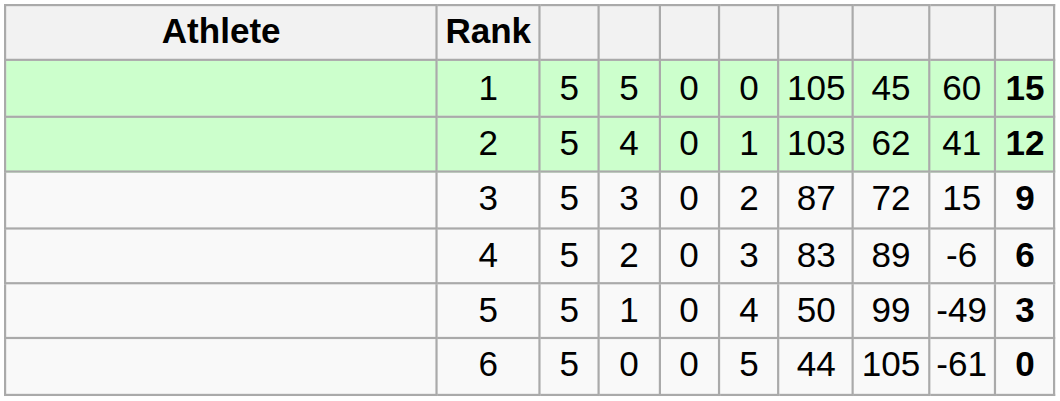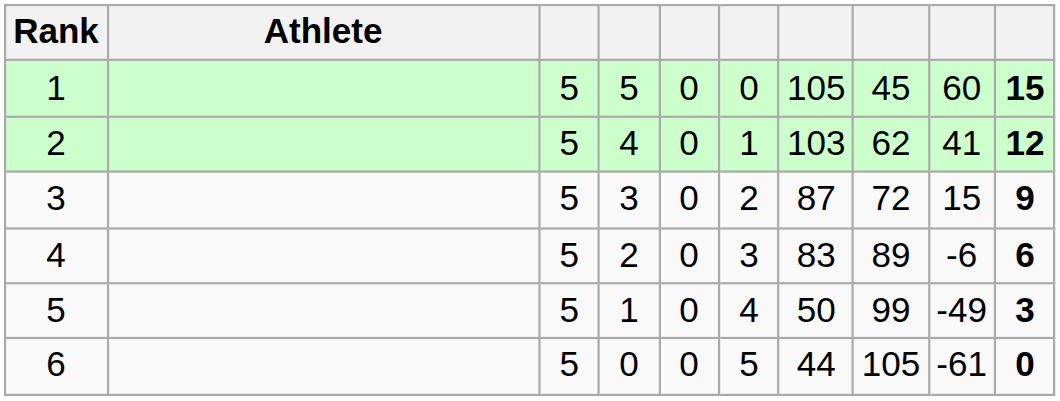 <table class=wikitable style="text-align:center">
 <tr>
+<th width=20>Rank</th>
 <th width=190>Athlete</th>
-<th width=20>Rank</th>
 <th width=20></th>
 <th width=20></th>
 <th width=20></th>
 <th width=20></th>
 <th width=20></th>
 <th width=20></th>
 <th width=20></th>
 <th width=20></th>
 </tr>
 <tr bgcolor="#ccffcc">
+<td>1</td>
 <td align=left></td>
-<td>1</td>
 <td>5</td>
 <td>5</td>
 <td>0</td>
 <td>0</td>
 <td>105</td>
 <td>45</td>
 <td>60</td>
 <td><strong>15</strong></td>
 </tr>
 <tr bgcolor="#ccffcc">
+<td>2</td>
 <td align=left></td>
-<td>2</td>
 <td>5</td>
 <td>4</td>
 <td>0</td>
 <td>1</td>
 <td>103</td>
 <td>62</td>
 <td>41</td>
 <td><strong>12</strong></td>
 </tr>
 <tr>
+<td>3</td>
 <td align=left></td>
-<td>3</td>
 <td>5</td>
 <td>3</td>
 <td>0</td>
 <td>2</td>
 <td>87</td>
 <td>72</td>
 <td>15</td>
 <td><strong>9</strong></td>
 </tr>
 <tr>
+<td>4</td>
 <td align=left></td>
-<td>4</td>
 <td>5</td>
 <td>2</td>
 <td>0</td>
 <td>3</td>
 <td>83</td>
 <td>89</td>
 <td>-6</td>
 <td><strong>6</strong></td>
 </tr>
 <tr>
+<td>5</td>
 <td align=left></td>
-<td>5</td>
 <td>5</td>
 <td>1</td>
 <td>0</td>
 <td>4</td>
 <td>50</td>
 <td>99</td>
 <td>-49</td>
 <td><strong>3</strong></td>
 </tr>
 <tr>
+<td>6</td>
 <td align=left></td>
-<td>6</td>
 <td>5</td>
 <td>0</td>
 <td>0</td>
 <td>5</td>
 <td>44</td>
 <td>105</td>
 <td>-61</td>
 <td><strong>0</strong></td>
 </tr>
 </table>
